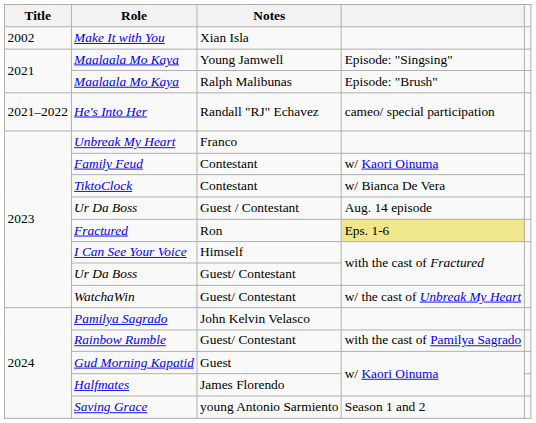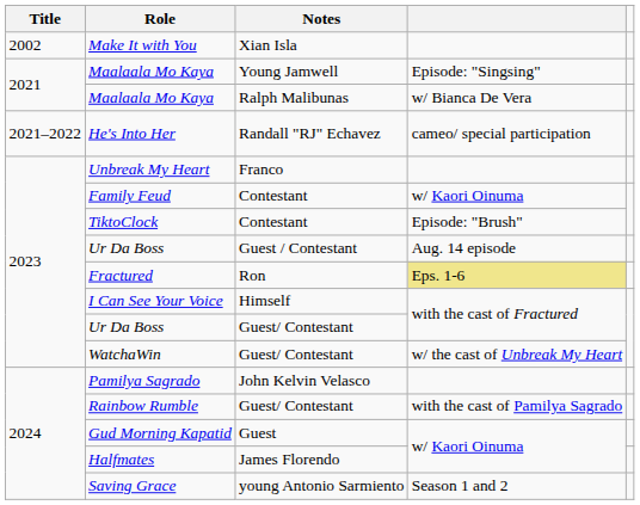 <table class="wikitable" style="font-size:90%">
 <tr>
 <th>Title</th>
 <th>Role</th>
 <th class="unsortable">Notes</th>
 <th></th>
 </tr>
 <tr>
 <td>2002</td>
 <td><em><a href='#'>Make It with You</a></em></td>
 <td>Xian Isla</td>
 <td></td>
 <td align="center"></td>
 </tr>
 <tr>
 <td rowspan="2">2021</td>
 <td><em><a href='#'>Maalaala Mo Kaya</a></em></td>
 <td>Young Jamwell</td>
 <td>Episode: "Singsing"</td>
 <td align="center"></td>
 </tr>
 <tr>
 <td><em><a href='#'>Maalaala Mo Kaya</a></em></td>
 <td>Ralph Malibunas</td>
-<td>Episode: "Brush"</td>
+<td>w/ Bianca De Vera</td>
 <td align="center"></td>
 </tr>
 <tr>
 <td>2021–2022</td>
 <td><em><a href='#'>He's Into Her</a></em></td>
 <td>Randall "RJ" Echavez</td>
 <td>cameo/ special participation</td>
 <td align="center"><br><br></td>
 </tr>
 <tr>
 <td rowspan="8">2023</td>
 <td><em><a href='#'>Unbreak My Heart</a></em></td>
 <td>Franco</td>
 <td></td>
 <td align="center"><br></td>
 </tr>
 <tr>
 <td><em><a href='#'>Family Feud</a></em></td>
 <td>Contestant</td>
 <td>w/ <a href='#'>Kaori Oinuma</a></td>
 <td rowspan="2" align="center"></td>
 </tr>
 <tr>
 <td><em><a href='#'>TiktoClock</a></em></td>
 <td>Contestant</td>
-<td>w/ Bianca De Vera</td>
+<td>Episode: "Brush"</td>
 </tr>
 <tr>
 <td><em>Ur Da Boss</em></td>
 <td>Guest / Contestant</td>
 <td>Aug. 14 episode</td>
 <td align="center"></td>
 </tr>
 <tr>
 <td><em><a href='#'>Fractured</a></em></td>
 <td>Ron</td>
 <td style="background: khaki;">Eps. 1-6</td>
 <td align="center"></td>
 </tr>
 <tr>
 <td><em><a href='#'>I Can See Your Voice</a></em></td>
 <td>Himself</td>
 <td rowspan="2">with the cast of <em>Fractured</em></td>
 <td rowspan="3" align="center"></td>
 </tr>
 <tr>
 <td><em>Ur Da Boss</em></td>
 <td>Guest/ Contestant</td>
 </tr>
 <tr>
 <td><em>WatchaWin</em></td>
 <td>Guest/ Contestant</td>
 <td>w/ the cast of <em><a href='#'>Unbreak My Heart</a></em></td>
 </tr>
 <tr>
 <td rowspan=5>2024</td>
 <td><em><a href='#'>Pamilya Sagrado</a></em></td>
 <td>John Kelvin Velasco</td>
 <td></td>
 <td align="center"></td>
 </tr>
 <tr>
 <td><em><a href='#'>Rainbow Rumble</a></em></td>
 <td>Guest/ Contestant</td>
 <td>with the cast of <a href='#'>Pamilya Sagrado</a></td>
 <td align="center"></td>
 </tr>
 <tr>
 <td><em><a href='#'>Gud Morning Kapatid</a></em></td>
 <td>Guest</td>
 <td rowspan=2>w/ <a href='#'>Kaori Oinuma</a></td>
 <td align="center"></td>
 </tr>
 <tr>
 <td><em><a href='#'>Halfmates</a></em></td>
 <td>James Florendo</td>
 <td align="center"></td>
 </tr>
 <tr>
 <td><em><a href='#'>Saving Grace</a></em></td>
 <td>young Antonio Sarmiento</td>
 <td>Season 1 and 2</td>
 <td align="center"></td>
 </tr>
 </table>
